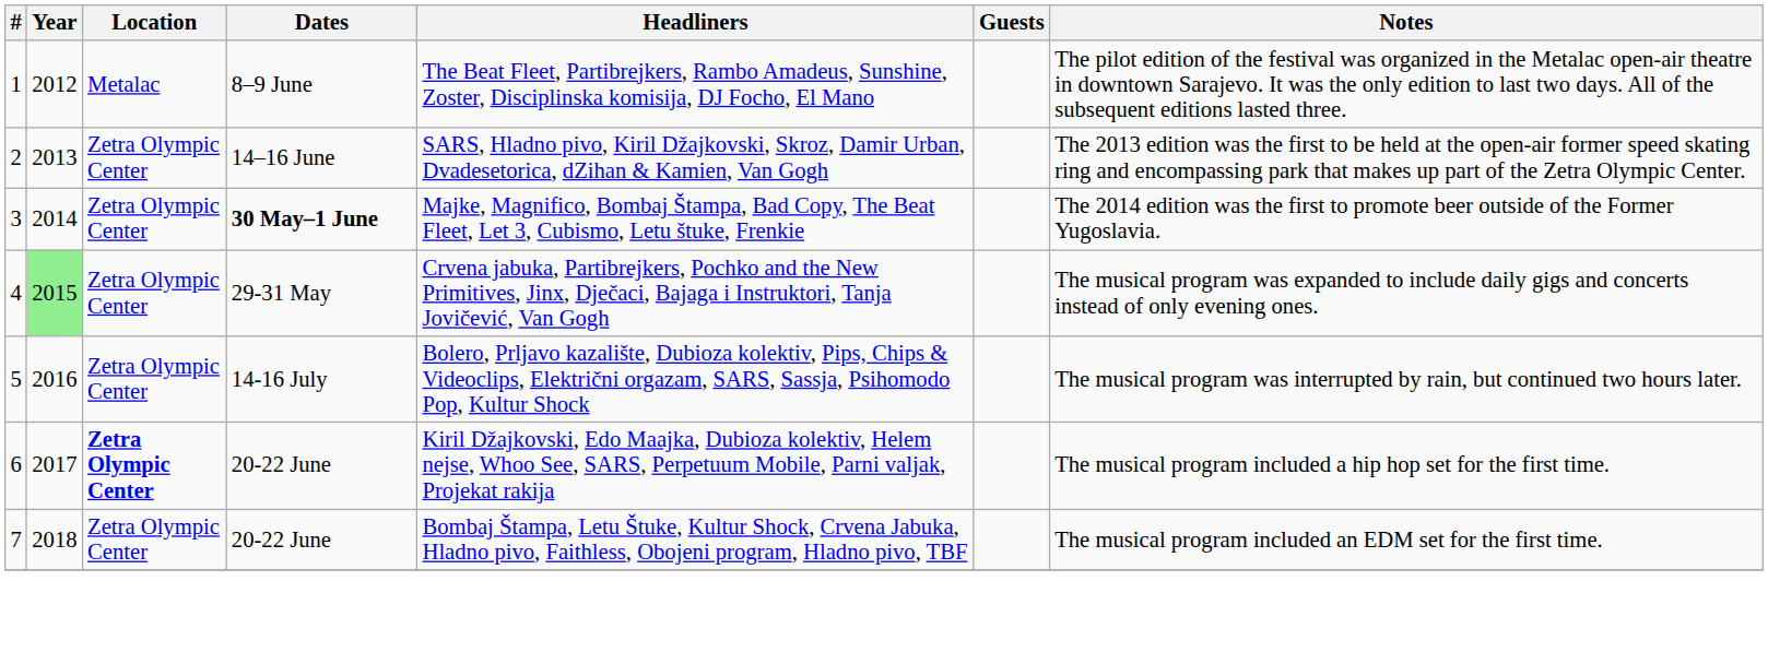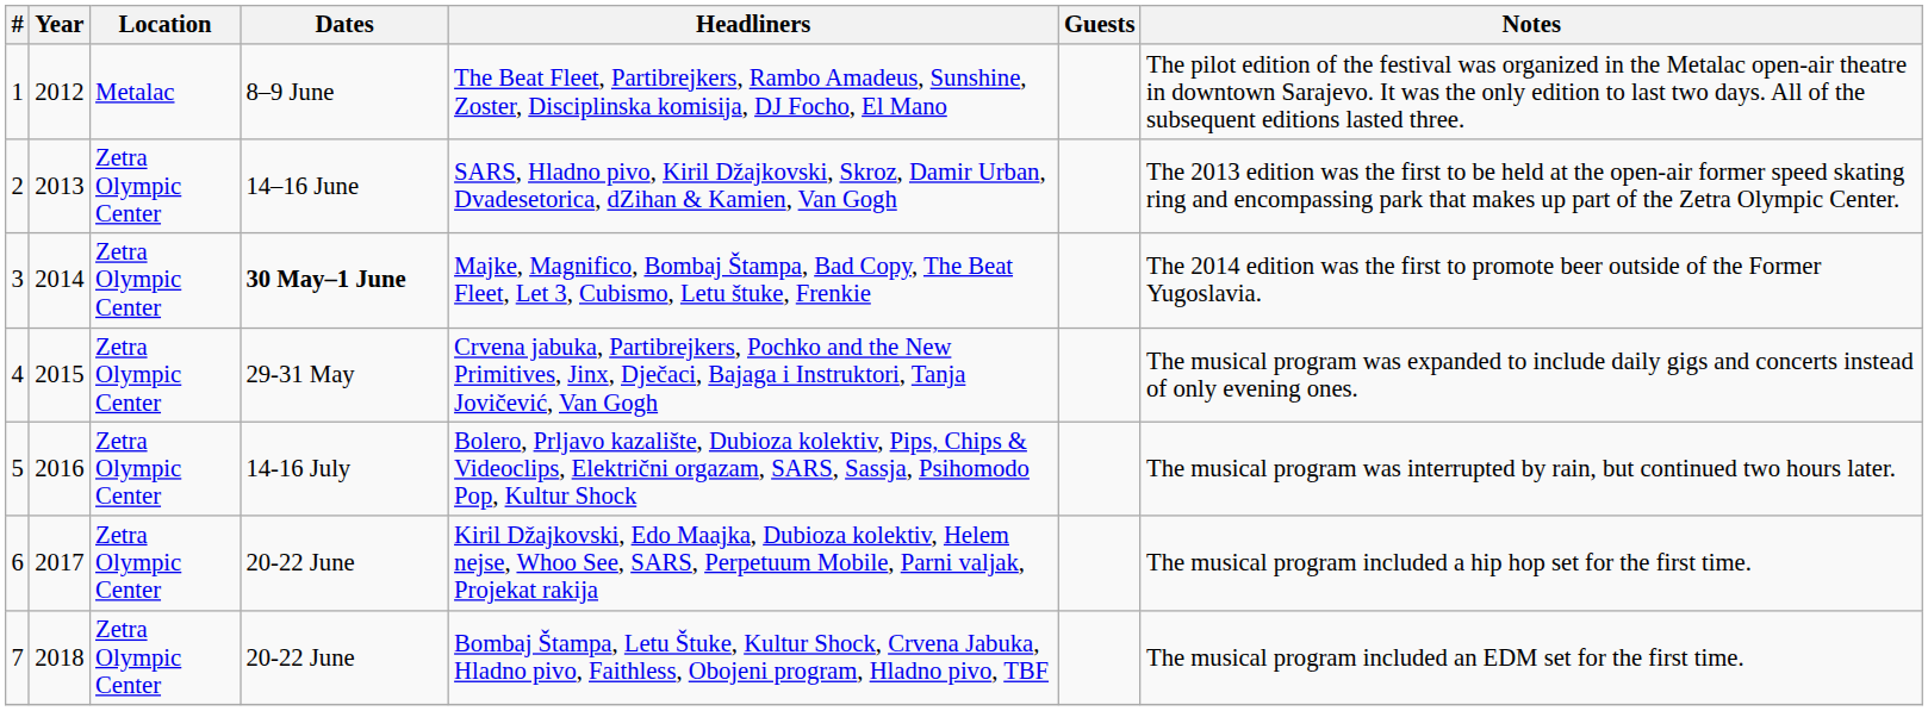 <table class="wikitable sortable">
 <tr>
 <th>#</th>
 <th>Year</th>
 <th>Location</th>
 <th style="width:8em">Dates</th>
 <th class="unsortable">Headliners</th>
 <th>Guests</th>
 <th class="unsortable">Notes</th>
 </tr>
 <tr>
 <td>1</td>
 <td>2012</td>
 <td><a href='#'>Metalac</a></td>
 <td>8–9 June</td>
 <td><a href='#'>The Beat Fleet</a>, <a href='#'>Partibrejkers</a>, <a href='#'>Rambo Amadeus</a>, <a href='#'>Sunshine</a>, <a href='#'>Zoster</a>, <a href='#'>Disciplinska komisija</a>, <a href='#'>DJ Focho</a>, <a href='#'>El Mano</a></td>
 <td></td>
 <td>The pilot edition of the festival was organized in the Metalac open-air theatre in downtown Sarajevo. It was the only edition to last two days. All of the subsequent editions lasted three.</td>
 </tr>
 <tr>
 <td>2</td>
 <td>2013</td>
 <td><a href='#'>Zetra Olympic Center</a></td>
 <td>14–16 June</td>
 <td><a href='#'>SARS</a>, <a href='#'>Hladno pivo</a>, <a href='#'>Kiril Džajkovski</a>, <a href='#'>Skroz</a>, <a href='#'>Damir Urban</a>, <a href='#'>Dvadesetorica</a>, <a href='#'>dZihan & Kamien</a>, <a href='#'>Van Gogh</a></td>
 <td></td>
 <td>The 2013 edition was the first to be held at the open-air former speed skating ring and encompassing park that makes up part of the Zetra Olympic Center.</td>
 </tr>
 <tr>
 <td>3</td>
 <td>2014</td>
 <td><a href='#'>Zetra Olympic Center</a></td>
 <td><strong>30 May–1 June</strong></td>
 <td><a href='#'>Majke</a>, <a href='#'>Magnifico</a>, <a href='#'>Bombaj Štampa</a>, <a href='#'>Bad Copy</a>, <a href='#'>The Beat Fleet</a>, <a href='#'>Let 3</a>, <a href='#'>Cubismo</a>, <a href='#'>Letu štuke</a>, <a href='#'>Frenkie</a></td>
 <td></td>
 <td>The 2014 edition was the first to promote beer outside of the Former Yugoslavia.</td>
 </tr>
 <tr>
 <td>4</td>
-<td style="background: lightgreen;">2015</td>
+<td>2015</td>
 <td><a href='#'>Zetra Olympic Center</a></td>
 <td>29-31 May</td>
 <td><a href='#'>Crvena jabuka</a>, <a href='#'>Partibrejkers</a>, <a href='#'>Pochko and the New Primitives</a>, <a href='#'>Jinx</a>, <a href='#'>Dječaci</a>, <a href='#'>Bajaga i Instruktori</a>, <a href='#'>Tanja Jovičević</a>, <a href='#'>Van Gogh</a></td>
 <td></td>
 <td>The musical program was expanded to include daily gigs and concerts instead of only evening ones.</td>
 </tr>
 <tr>
 <td>5</td>
 <td>2016</td>
 <td><a href='#'>Zetra Olympic Center</a></td>
 <td>14-16 July</td>
 <td><a href='#'>Bolero</a>, <a href='#'>Prljavo kazalište</a>, <a href='#'>Dubioza kolektiv</a>, <a href='#'>Pips, Chips & Videoclips</a>, <a href='#'>Električni orgazam</a>, <a href='#'>SARS</a>, <a href='#'>Sassja</a>, <a href='#'>Psihomodo Pop</a>, <a href='#'>Kultur Shock</a></td>
 <td></td>
 <td>The musical program was interrupted by rain, but continued two hours later.</td>
 </tr>
 <tr>
 <td>6</td>
 <td>2017</td>
-<td><strong><a href='#'>Zetra Olympic Center</a></strong></td>
+<td><a href='#'>Zetra Olympic Center</a></td>
 <td>20-22 June</td>
 <td><a href='#'>Kiril Džajkovski</a>, <a href='#'>Edo Maajka</a>, <a href='#'>Dubioza kolektiv</a>, <a href='#'>Helem nejse</a>, <a href='#'>Whoo See</a>, <a href='#'>SARS</a>, <a href='#'>Perpetuum Mobile</a>, <a href='#'>Parni valjak</a>, <a href='#'>Projekat rakija</a></td>
 <td></td>
 <td>The musical program included a hip hop set for the first time.</td>
 </tr>
 <tr>
 <td>7</td>
 <td>2018</td>
 <td><a href='#'>Zetra Olympic Center</a></td>
 <td>20-22 June</td>
 <td><a href='#'>Bombaj Štampa</a>, <a href='#'>Letu Štuke</a>, <a href='#'>Kultur Shock</a>, <a href='#'>Crvena Jabuka</a>, <a href='#'>Hladno pivo</a>, <a href='#'>Faithless</a>, <a href='#'>Obojeni program</a>, <a href='#'>Hladno pivo</a>, <a href='#'>TBF</a></td>
 <td></td>
 <td>The musical program included an EDM set for the first time.</td>
 </tr>
 <tr>
 </tr>
 </table>
